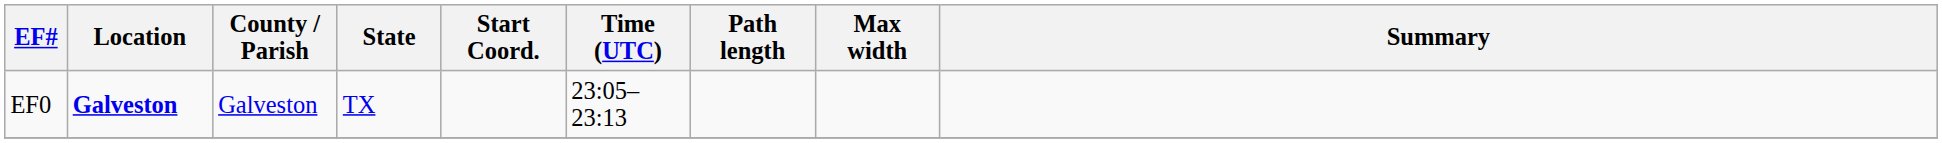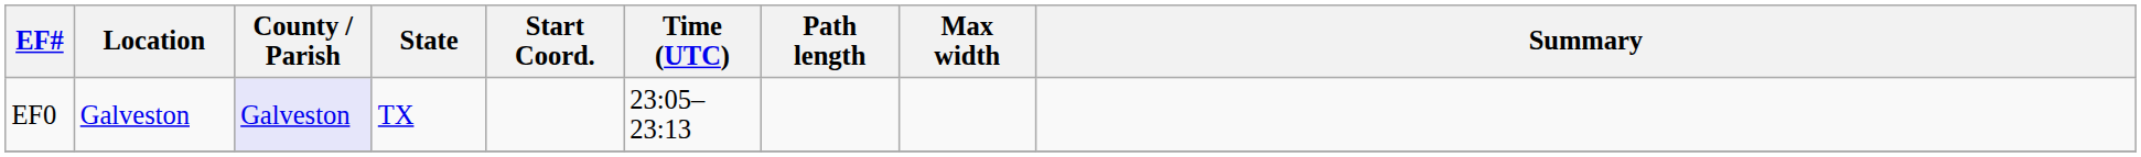 <table class="wikitable sortable" style="width:100%;">
 <tr>
 <th scope="col"  style="width:3%; text-align:center;"><a href='#'>EF#</a></th>
 <th scope="col"  style="width:7%; text-align:center;" class="unsortable">Location</th>
 <th scope="col"  style="width:6%; text-align:center;" class="unsortable">County / Parish</th>
 <th scope="col"  style="width:5%; text-align:center;">State</th>
 <th scope="col"  style="width:6%; text-align:center;">Start Coord.</th>
 <th scope="col"  style="width:6%; text-align:center;">Time (<a href='#'>UTC</a>)</th>
 <th scope="col"  style="width:6%; text-align:center;">Path length</th>
 <th scope="col"  style="width:6%; text-align:center;">Max width</th>
 <th scope="col" class="unsortable" style="width:48%; text-align:center;">Summary</th>
 </tr>
 <tr>
 <td>EF0</td>
-<td><strong><a href='#'>Galveston</a></strong></td>
 <td><a href='#'>Galveston</a></td>
+<td style="background: lavender;"><a href='#'>Galveston</a></td>
 <td><a href='#'>TX</a></td>
 <td></td>
 <td>23:05–23:13</td>
 <td></td>
 <td></td>
 <td></td>
 </tr>
 <tr>
 </tr>
 </table>
